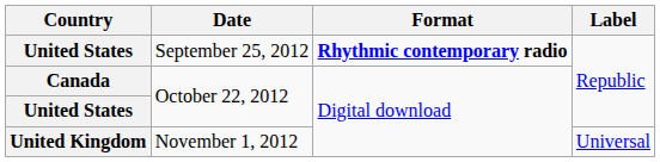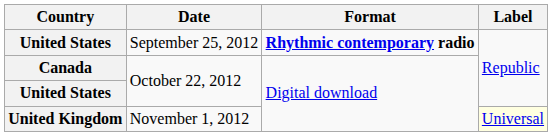 <table class="wikitable plainrowheaders">
 <tr>
 <th>Country</th>
 <th>Date</th>
 <th>Format</th>
 <th>Label</th>
 </tr>
 <tr>
 <th scope="row">United States</th>
 <td>September 25, 2012</td>
 <td><strong><a href='#'>Rhythmic contemporary</a> radio</strong></td>
 <td rowspan="3"><a href='#'>Republic</a></td>
 </tr>
 <tr>
 <th scope="row">Canada</th>
 <td rowspan="2">October 22, 2012</td>
 <td rowspan="3"><a href='#'>Digital download</a></td>
 </tr>
 <tr>
 <th scope="row">United States</th>
 </tr>
 <tr>
 <th scope="row">United Kingdom</th>
 <td>November 1, 2012</td>
-<td><a href='#'>Universal</a></td>
+<td style="background: lightyellow;"><a href='#'>Universal</a></td>
 </tr>
 </table>
